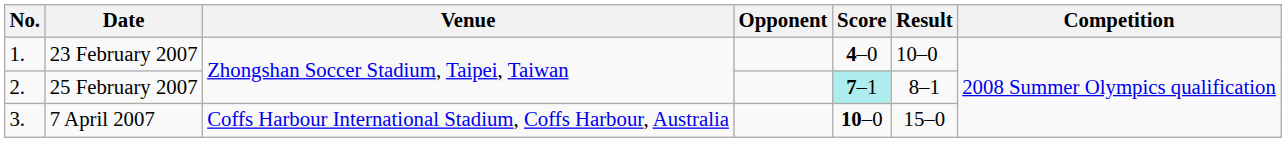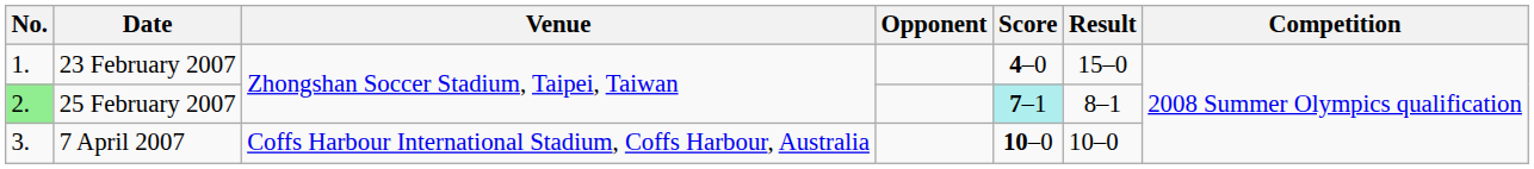 <table class="wikitable">
 <tr>
 <th>No.</th>
 <th>Date</th>
 <th>Venue</th>
 <th>Opponent</th>
 <th>Score</th>
 <th>Result</th>
 <th>Competition</th>
 </tr>
 <tr>
 <td>1.</td>
 <td>23 February 2007</td>
 <td rowspan="2"><a href='#'>Zhongshan Soccer Stadium</a>, <a href='#'>Taipei</a>, <a href='#'>Taiwan</a></td>
 <td></td>
 <td align=center><strong>4</strong>–0</td>
-<td aign=center>10–0</td>
+<td align=center>15–0</td>
 <td rowspan="3"><a href='#'>2008 Summer Olympics qualification</a></td>
 </tr>
 <tr>
-<td>2.</td>
+<td style="background: lightgreen;">2.</td>
 <td>25 February 2007</td>
 <td></td>
 <td align=center style="background: paleturquoise;"><strong>7</strong>–1</td>
 <td align=center>8–1</td>
 </tr>
 <tr>
 <td>3.</td>
 <td>7 April 2007</td>
 <td><a href='#'>Coffs Harbour International Stadium</a>, <a href='#'>Coffs Harbour</a>, <a href='#'>Australia</a></td>
 <td></td>
 <td align=center><strong>10</strong>–0</td>
-<td align=center>15–0</td>
+<td aign=center>10–0</td>
 </tr>
 </table>
